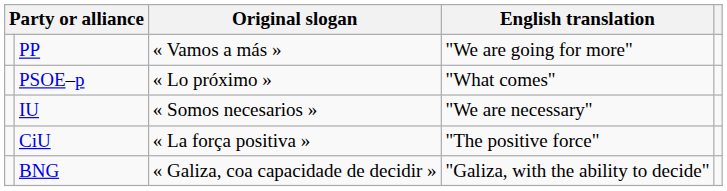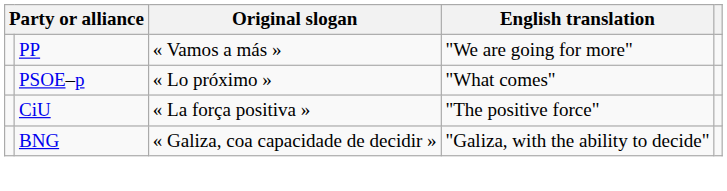 <table class="wikitable" style="text-align:left;">
 <tr>
 <th style="text-align:left;" colspan="2">Party or alliance</th>
 <th>Original slogan</th>
 <th>English translation</th>
 <th></th>
 </tr>
 <tr>
 <td width="1" style="color:inherit;background:"></td>
 <td><a href='#'>PP</a></td>
 <td>« Vamos a más »</td>
 <td>"We are going for more"</td>
 <td></td>
 </tr>
 <tr>
 <td style="color:inherit;background:"></td>
 <td><a href='#'>PSOE</a>–<a href='#'>p</a></td>
 <td>« Lo próximo »</td>
 <td>"What comes"</td>
 <td></td>
 </tr>
 <tr>
 <td style="color:inherit;background:"></td>
-<td><a href='#'>IU</a></td>
-<td>« Somos necesarios »</td>
-<td>"We are necessary"</td>
-<td></td>
-</tr>
-<tr>
-<td style="color:inherit;background:"></td>
 <td><a href='#'>CiU</a></td>
 <td>« La força positiva »</td>
 <td>"The positive force"</td>
 <td></td>
 </tr>
 <tr>
 <td style="color:inherit;background:"></td>
 <td><a href='#'>BNG</a></td>
 <td>« Galiza, coa capacidade de decidir »</td>
 <td>"Galiza, with the ability to decide"</td>
 <td></td>
 </tr>
 </table>
